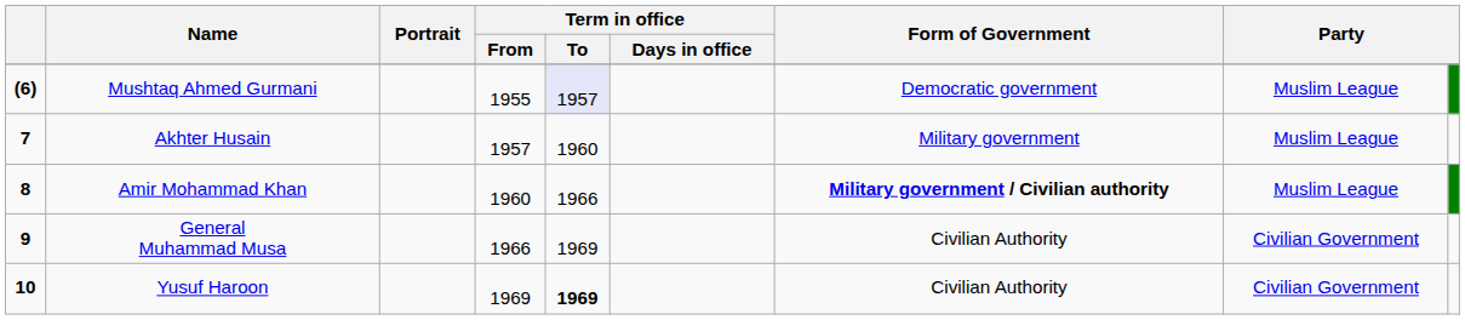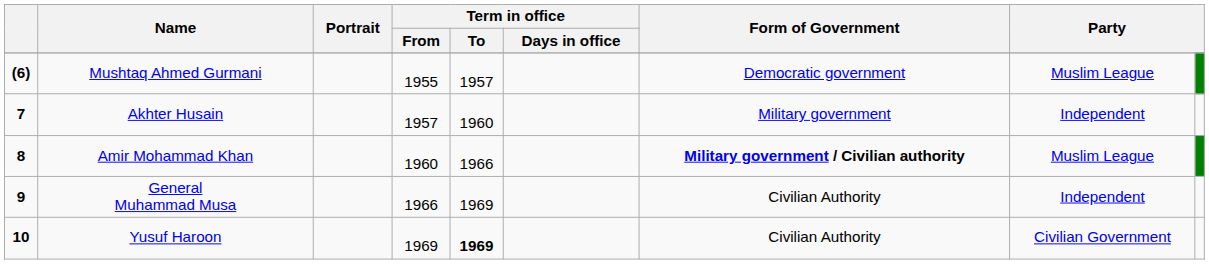 <table class="wikitable sortable" style="width:100%; text-align:center">
 <tr>
 <th rowspan="2" scope="col"></th>
 <th rowspan="2" style="width:23%;" scope="col">Name</th>
 <th rowspan="2" scope="col">Portrait</th>
 <th colspan="3">Term in office</th>
 <th rowspan="2" scope="col">Form of Government</th>
 <th rowspan="2" colspan="2" scope="col">Party</th>
 </tr>
 <tr>
 <th>From</th>
 <th>To</th>
 <th>Days in office</th>
 </tr>
 <tr align="center">
 </tr>
 <tr>
 <td><strong>(6)</strong></td>
 <td><a href='#'>Mushtaq Ahmed Gurmani</a></td>
 <td></td>
 <td><br>1955</td>
-<td style="background: lavender;"><br>1957</td>
+<td><br>1957</td>
 <td></td>
 <td><a href='#'>Democratic government</a></td>
 <td><a href='#'>Muslim League</a></td>
 <td style="background-color: #008000;"></td>
 </tr>
 <tr>
 <td><strong>7</strong></td>
 <td><a href='#'>Akhter Husain</a></td>
 <td></td>
 <td><br>1957</td>
 <td><br>1960</td>
 <td></td>
 <td><a href='#'>Military government</a></td>
-<td><a href='#'>Muslim League</a></td>
+<td><a href='#'>Independent</a></td>
 <td style='background-color: '></td>
 </tr>
 <tr>
 <td><strong>8</strong></td>
 <td><a href='#'>Amir Mohammad Khan</a></td>
 <td></td>
 <td><br>1960</td>
 <td><br>1966</td>
 <td></td>
 <td><strong><a href='#'>Military government</a> / Civilian authority</strong></td>
 <td><a href='#'>Muslim League</a></td>
 <td style="background-color: #008000;"></td>
 </tr>
 <tr>
 <td><strong>9</strong></td>
 <td><a href='#'>General </a><br> <a href='#'>Muhammad Musa</a></td>
 <td></td>
 <td><br>1966</td>
 <td><br>1969</td>
 <td></td>
 <td>Civilian Authority</td>
-<td><a href='#'>Civilian Government</a></td>
+<td><a href='#'>Independent</a></td>
 <td style='background-color: '></td>
 </tr>
 <tr>
 <td><strong>10</strong></td>
 <td><a href='#'>Yusuf Haroon</a></td>
 <td></td>
 <td><br>1969</td>
 <td><strong><br>1969</strong></td>
 <td></td>
 <td>Civilian Authority</td>
 <td><a href='#'>Civilian Government</a></td>
 <td></td>
 </tr>
 </table>
